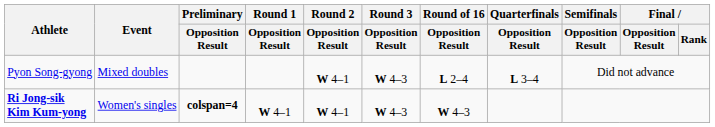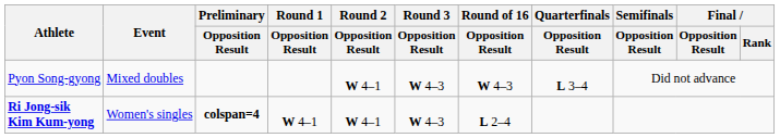 <table class=wikitable style=font-size:90%;text-align:center>
 <tr>
 <th rowspan=2>Athlete</th>
 <th rowspan=2>Event</th>
 <th>Preliminary</th>
 <th>Round 1</th>
 <th>Round 2</th>
 <th>Round 3</th>
 <th>Round of 16</th>
 <th>Quarterfinals</th>
 <th>Semifinals</th>
 <th colspan=2>Final / </th>
 </tr>
 <tr style=font-size:95%>
 <th>Opposition<br>Result</th>
 <th>Opposition<br>Result</th>
 <th>Opposition<br>Result</th>
 <th>Opposition<br>Result</th>
 <th>Opposition<br>Result</th>
 <th>Opposition<br>Result</th>
 <th>Opposition<br>Result</th>
 <th>Opposition<br>Result</th>
 <th>Rank</th>
 </tr>
 <tr>
 <td align=left><a href='#'>Pyon Song-gyong</a></td>
 <td align=left><a href='#'>Mixed doubles</a></td>
 <td></td>
 <td></td>
 <td><br><strong>W</strong> 4–1</td>
 <td><br><strong>W</strong> 4–3</td>
-<td><br><strong>L</strong> 2–4</td>
+<td><br><strong>W</strong> 4–3</td>
 <td><br><strong>L</strong> 3–4</td>
 <td colspan=4>Did not advance</td>
 </tr>
 <tr align=center>
 <td align=left><strong><a href='#'>Ri Jong-sik</a><br><a href='#'>Kim Kum-yong</a></strong></td>
 <td align=left><a href='#'>Women's singles</a></td>
 <td><strong>colspan=4 </strong></td>
 <td><br><strong>W</strong> 4–1</td>
 <td><br><strong>W</strong> 4–1</td>
 <td><br><strong>W</strong> 4–3</td>
-<td><br><strong>W</strong> 4–3</td>
+<td><br><strong>L</strong> 2–4</td>
 <td></td>
 </tr>
 </table>
